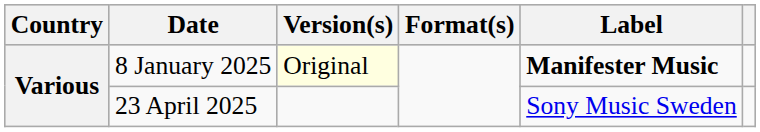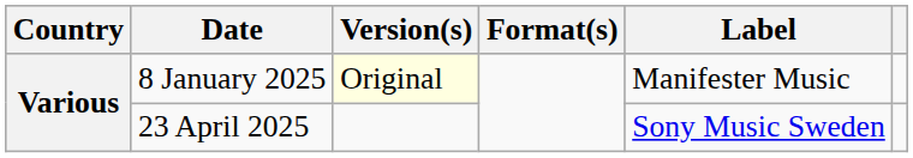 <table class="wikitable plainrowheaders">
 <tr>
 <th scope="col">Country</th>
 <th scope="col">Date</th>
 <th scope="col">Version(s)</th>
 <th scope="col">Format(s)</th>
 <th scope="col">Label</th>
 <th scope="col"></th>
 </tr>
 <tr>
 <th scope="row" rowspan="2">Various</th>
 <td>8 January 2025</td>
 <td style="background: lightyellow;">Original</td>
 <td rowspan="2"></td>
-<td rowspan="1"><strong>Manifester Music</strong></td>
+<td rowspan="1">Manifester Music</td>
 <td></td>
 </tr>
 <tr>
 <td>23 April 2025</td>
 <td></td>
 <td rowspan="2"><a href='#'>Sony Music Sweden</a></td>
 <td></td>
 </tr>
 </table>
